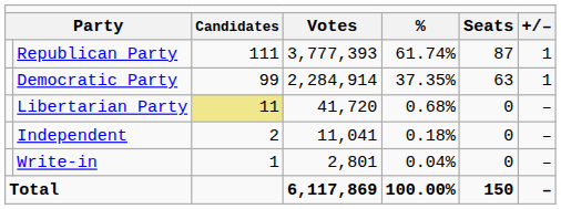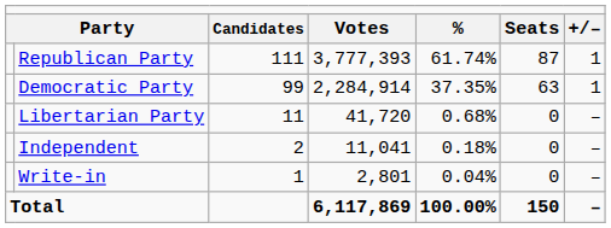 <table class="wikitable" style="font-size:100%; text-align:right;">
 <tr>
 <td colspan="15" align="center"></td>
 </tr>
 <tr>
 <th colspan="2">Party</th>
 <th><small>Candi</small><small>dates</small></th>
 <th>Votes</th>
 <th>%</th>
 <th>Seats</th>
 <th>+/–</th>
 </tr>
 <tr>
 <td style="background:"></td>
 <td align="left"><a href='#'>Republican Party</a></td>
 <td>111</td>
 <td>3,777,393</td>
 <td>61.74%</td>
 <td>87</td>
 <td>1</td>
 </tr>
 <tr>
 <td style="background:"></td>
 <td align="left"><a href='#'>Democratic Party</a></td>
 <td>99</td>
 <td>2,284,914</td>
 <td>37.35%</td>
 <td>63</td>
 <td>1</td>
 </tr>
 <tr>
 <td style="background:"></td>
 <td align="left"><a href='#'>Libertarian Party</a></td>
-<td style="background: khaki;">11</td>
+<td>11</td>
 <td>41,720</td>
 <td>0.68%</td>
 <td>0</td>
 <td>–</td>
 </tr>
 <tr>
 <td style="background:"></td>
 <td align="left"><a href='#'>Independent</a></td>
 <td>2</td>
 <td>11,041</td>
 <td>0.18%</td>
 <td>0</td>
 <td>–</td>
 </tr>
 <tr>
 <td style="background:"></td>
 <td align="left"><a href='#'>Write-in</a></td>
 <td>1</td>
 <td>2,801</td>
 <td>0.04%</td>
 <td>0</td>
 <td>–</td>
 </tr>
 <tr style="font-weight:bold">
 <td colspan="2" align="left">Total</td>
 <td></td>
 <td>6,117,869</td>
 <td>100.00%</td>
 <td>150</td>
 <td>–</td>
 </tr>
 </table>
